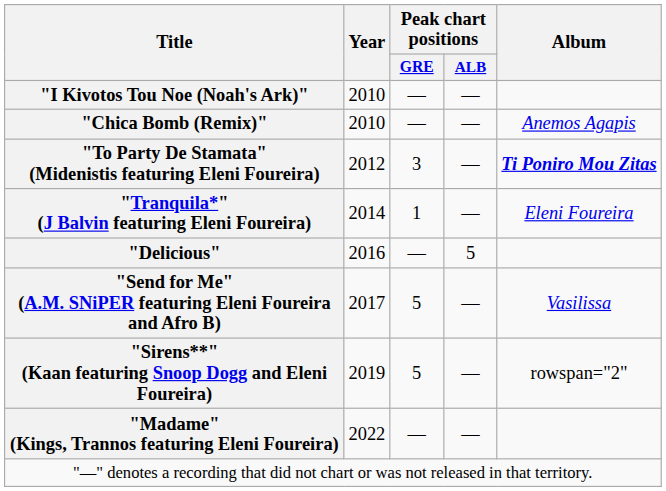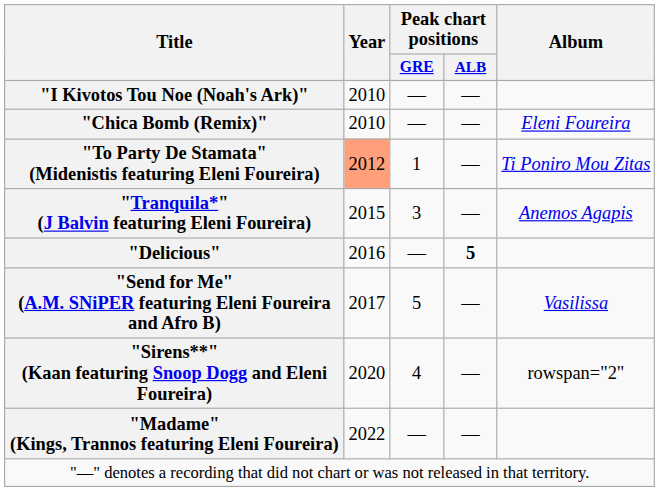 <table class="wikitable plainrowheaders" style="text-align:center;">
 <tr>
 <th scope="col" rowspan="2" style="width:18em;">Title</th>
 <th scope="col" rowspan="2" style="width:2em;">Year</th>
 <th scope="col" colspan="2">Peak chart positions</th>
 <th scope="col" rowspan="2">Album</th>
 </tr>
 <tr>
 <th scope="col" style="width:3em;font-size:85%;"><a href='#'>GRE</a><br></th>
 <th style="width:40px; font-size:smaller;"><a href='#'>ALB</a><br></th>
 </tr>
 <tr>
 <th scope="row">"I Kivotos Tou Noe (Noah's Ark)"<br></th>
 <td>2010</td>
 <td>—</td>
 <td>—</td>
 <td></td>
 </tr>
 <tr>
 <th scope="row">"Chica Bomb (Remix)"<br></th>
 <td>2010</td>
 <td>—</td>
 <td>—</td>
-<td><em><a href='#'>Anemos Agapis</a></em></td>
+<td><em><a href='#'>Eleni Foureira</a></em></td>
 </tr>
 <tr>
 <th scope="row">"To Party De Stamata"<br><span>(Midenistis featuring Eleni Foureira)</span></th>
-<td>2012</td>
-<td>3</td>
+<td style="background: lightsalmon;">2012</td>
+<td>1</td>
 <td>—</td>
-<td><strong><em><a href='#'>Ti Poniro Mou Zitas</a></em></strong></td>
+<td><em><a href='#'>Ti Poniro Mou Zitas</a></em></td>
 </tr>
 <tr>
 <th scope="row">"<a href='#'>Tranquila*</a>"<br><span>(<a href='#'>J Balvin</a> featuring Eleni Foureira)</span></th>
-<td>2014</td>
-<td>1</td>
+<td>2015</td>
+<td>3</td>
 <td>—</td>
-<td><em><a href='#'>Eleni Foureira</a></em></td>
+<td><em><a href='#'>Anemos Agapis</a></em></td>
 </tr>
 <tr>
 <th scope="row">"Delicious"<br></th>
 <td>2016</td>
 <td>—</td>
-<td>5</td>
+<td><strong>5</strong></td>
 <td></td>
 </tr>
 <tr>
 <th scope="row">"Send for Me"<br><span>(<a href='#'>A.M. SNiPER</a> featuring Eleni Foureira and Afro B)</span></th>
 <td>2017</td>
 <td>5</td>
 <td>—</td>
 <td><em><a href='#'>Vasilissa</a></em></td>
 </tr>
 <tr>
 <th scope="row">"Sirens**"<br><span>(Kaan featuring <a href='#'>Snoop Dogg</a> and Eleni Foureira)</span></th>
-<td>2019</td>
-<td>5</td>
+<td>2020</td>
+<td>4</td>
 <td>—</td>
 <td>rowspan="2" </td>
 </tr>
 <tr>
 <th scope="row">"Μadame"<br><span>(Kings, Trannos featuring Eleni Foureira)</span></th>
 <td>2022</td>
 <td>—</td>
 <td>—</td>
 </tr>
 <tr>
 <td colspan="11" style="font-size:90%">"—" denotes a recording that did not chart or was not released in that territory.</td>
 </tr>
 </table>
